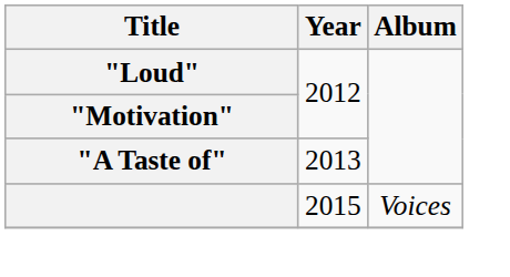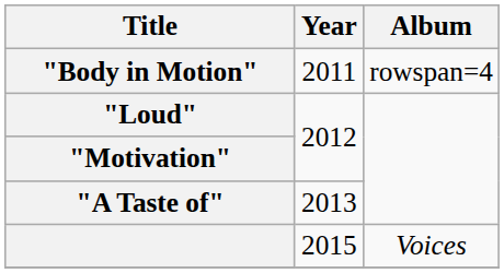 <table class="wikitable plainrowheaders" style="text-align:center;">
 <tr>
 <th scope="col" style="width:10em;">Title</th>
 <th scope="col">Year</th>
 <th scope="col">Album</th>
+</tr>
+<tr>
+<th scope="row">"Body in Motion"</th>
+<td>2011</td>
+<td>rowspan=4 </td>
 </tr>
 <tr>
 <th scope="row">"Loud"</th>
 <td rowspan=2>2012</td>
 </tr>
 <tr>
 <th scope="row">"Motivation"<br></th>
 </tr>
 <tr>
 <th scope="row">"A Taste of"</th>
 <td>2013</td>
 </tr>
 <tr>
 <th scope="row"></th>
 <td>2015</td>
 <td><em>Voices</em></td>
 </tr>
 <tr>
 </tr>
 </table>
